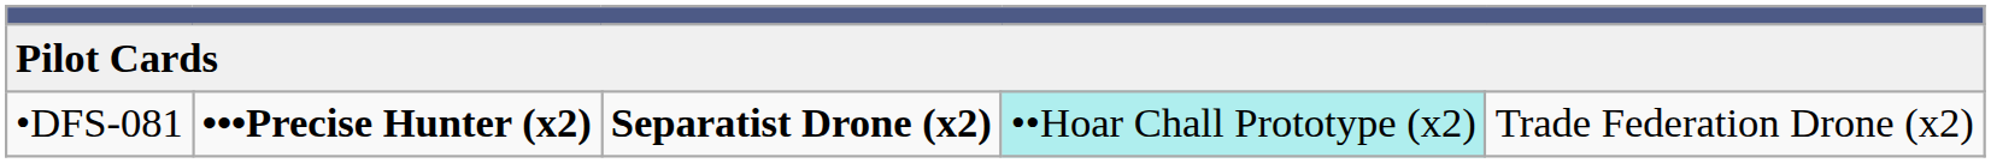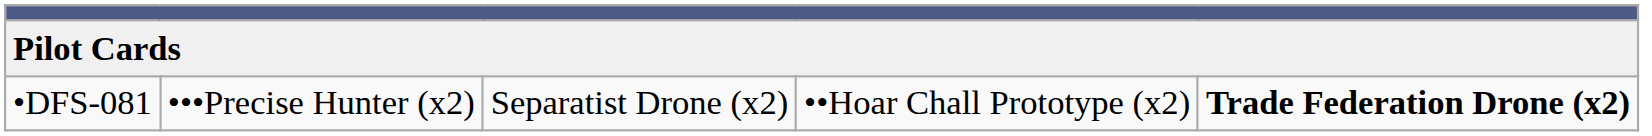 <table class="wikitable sortable">
 <tr style="background:#4D5A86;">
 <td colspan="8"></td>
 </tr>
 <tr style="background:#f0f0f0;">
 <td colspan="7"><strong>Pilot Cards</strong></td>
 </tr>
 <tr>
 <td>•DFS-081</td>
-<td><strong>•••Precise Hunter (x2)</strong></td>
-<td><strong>Separatist Drone (x2)</strong></td>
-<td style="background: paleturquoise;">••Hoar Chall Prototype (x2)</td>
-<td>Trade Federation Drone (x2)</td>
+<td>•••Precise Hunter (x2)</td>
+<td>Separatist Drone (x2)</td>
+<td>••Hoar Chall Prototype (x2)</td>
+<td><strong>Trade Federation Drone (x2)</strong></td>
 </tr>
 </table>
